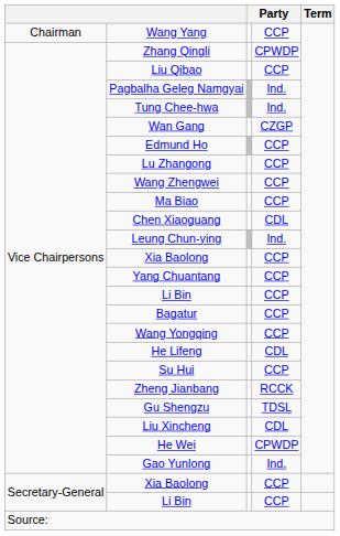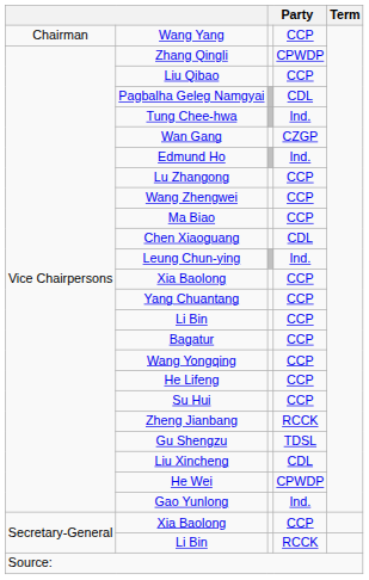 <table class="wikitable" style="text-align:center">
 <tr>
 <th colspan="2"></th>
 <th colspan="2">Party</th>
 <th>Term</th>
 </tr>
 <tr>
 <td>Chairman</td>
 <td><a href='#'>Wang Yang</a></td>
 <td style="background:"></td>
 <td><a href='#'>CCP</a></td>
 <td rowspan="24"></td>
 </tr>
 <tr>
 <td rowspan="23">Vice Chairpersons</td>
 <td><a href='#'>Zhang Qingli</a></td>
 <td style="background:"></td>
 <td><a href='#'>CPWDP</a></td>
 </tr>
 <tr>
 <td><a href='#'>Liu Qibao</a></td>
 <td style="background:"></td>
 <td><a href='#'>CCP</a></td>
 </tr>
 <tr>
 <td><a href='#'>Pagbalha Geleg Namgyai</a></td>
 <td style="background: #C0C0C0"></td>
-<td><a href='#'>Ind.</a></td>
+<td><a href='#'>CDL</a></td>
 </tr>
 <tr>
 <td><a href='#'>Tung Chee-hwa</a></td>
 <td style="background: #C0C0C0"></td>
 <td><a href='#'>Ind.</a></td>
 </tr>
 <tr>
 <td><a href='#'>Wan Gang</a></td>
 <td style="background:"></td>
 <td><a href='#'>CZGP</a></td>
 </tr>
 <tr>
 <td><a href='#'>Edmund Ho</a></td>
 <td style="background: #C0C0C0"></td>
-<td><a href='#'>CCP</a></td>
+<td><a href='#'>Ind.</a></td>
 </tr>
 <tr>
 <td><a href='#'>Lu Zhangong</a></td>
 <td style="background:"></td>
 <td><a href='#'>CCP</a></td>
 </tr>
 <tr>
 <td><a href='#'>Wang Zhengwei</a></td>
 <td style="background:"></td>
 <td><a href='#'>CCP</a></td>
 </tr>
 <tr>
 <td><a href='#'>Ma Biao</a></td>
 <td style="background:"></td>
 <td><a href='#'>CCP</a></td>
 </tr>
 <tr>
 <td><a href='#'>Chen Xiaoguang</a></td>
 <td style="background:"></td>
 <td><a href='#'>CDL</a></td>
 </tr>
 <tr>
 <td><a href='#'>Leung Chun-ying</a></td>
 <td style="background: #C0C0C0"></td>
 <td><a href='#'>Ind.</a></td>
 </tr>
 <tr>
 <td><a href='#'>Xia Baolong</a></td>
 <td style="background:"></td>
 <td><a href='#'>CCP</a></td>
 </tr>
 <tr>
 <td><a href='#'>Yang Chuantang</a></td>
 <td style="background:"></td>
 <td><a href='#'>CCP</a></td>
 </tr>
 <tr>
 <td><a href='#'>Li Bin</a></td>
 <td style="background:"></td>
 <td><a href='#'>CCP</a></td>
 </tr>
 <tr>
 <td><a href='#'>Bagatur</a></td>
 <td style="background:"></td>
 <td><a href='#'>CCP</a></td>
 </tr>
 <tr>
 <td><a href='#'>Wang Yongqing</a></td>
 <td style="background:"></td>
 <td><a href='#'>CCP</a></td>
 </tr>
 <tr>
 <td><a href='#'>He Lifeng</a></td>
 <td style="background:"></td>
-<td><a href='#'>CDL</a></td>
+<td><a href='#'>CCP</a></td>
 </tr>
 <tr>
 <td><a href='#'>Su Hui</a></td>
 <td style="background:"></td>
 <td><a href='#'>CCP</a></td>
 </tr>
 <tr>
 <td><a href='#'>Zheng Jianbang</a></td>
 <td style="background:"></td>
 <td><a href='#'>RCCK</a></td>
 </tr>
 <tr>
 <td><a href='#'>Gu Shengzu</a></td>
 <td style="background:"></td>
 <td><a href='#'>TDSL</a></td>
 </tr>
 <tr>
 <td><a href='#'>Liu Xincheng</a></td>
 <td style="background:"></td>
 <td><a href='#'>CDL</a></td>
 </tr>
 <tr>
 <td><a href='#'>He Wei</a></td>
 <td style="background:"></td>
 <td><a href='#'>CPWDP</a></td>
 </tr>
 <tr>
 <td><a href='#'>Gao Yunlong</a></td>
 <td style="background:"></td>
 <td><a href='#'>Ind.</a></td>
 </tr>
 <tr>
 <td rowspan="2">Secretary-General</td>
 <td><a href='#'>Xia Baolong</a></td>
 <td style="background:"></td>
 <td><a href='#'>CCP</a></td>
 <td></td>
 </tr>
 <tr>
 <td><a href='#'>Li Bin</a></td>
 <td style="background:"></td>
-<td><a href='#'>CCP</a></td>
+<td><a href='#'>RCCK</a></td>
 <td></td>
 </tr>
 <tr>
 <td colspan="5" align="left">Source:</td>
 </tr>
 </table>
